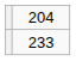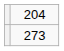 <table class="wikitable">
 <tr>
 <th></th>
 <td style="padding-left: 1em; padding-right: 1em">204</td>
 </tr>
 <tr>
 <th></th>
-<td style="padding-left: 1em; padding-right: 1em">233</td>
+<td style="padding-left: 1em; padding-right: 1em">273</td>
 </tr>
 </table>
